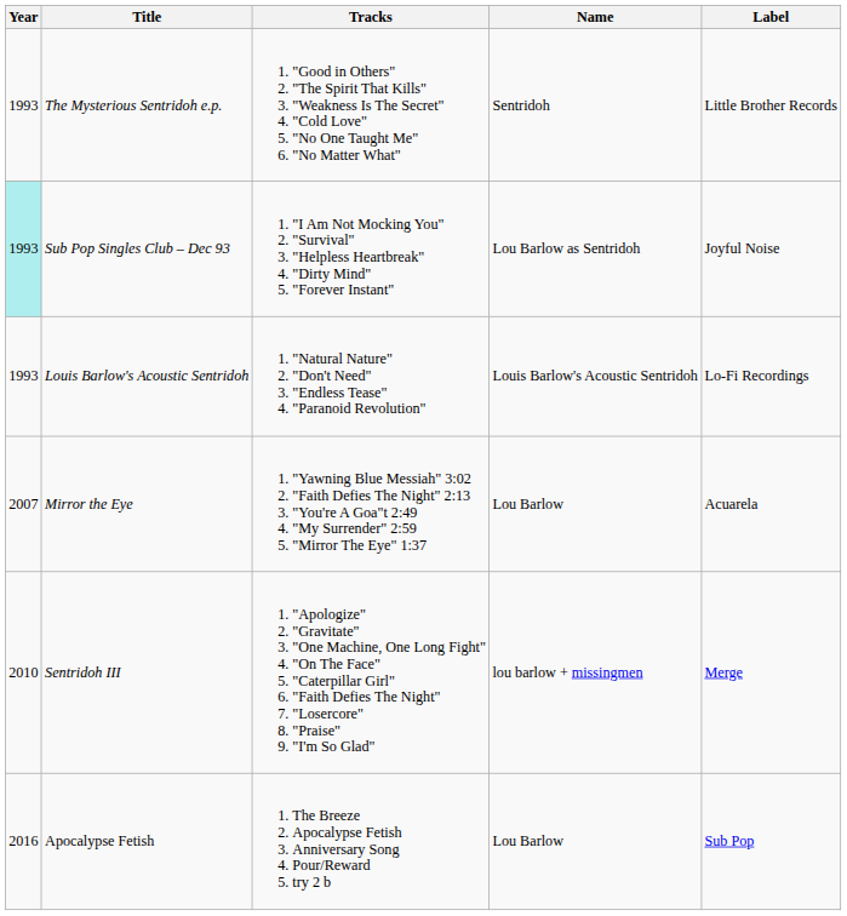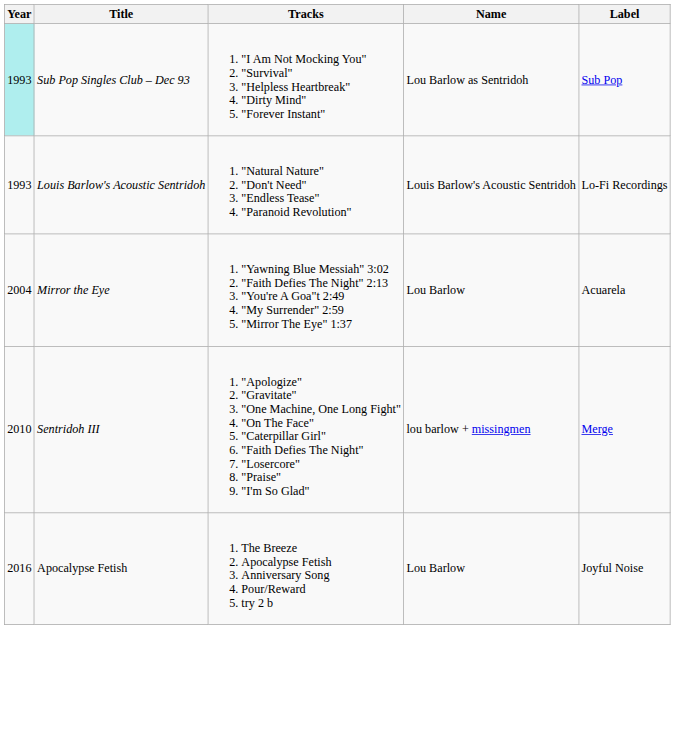 <table class="wikitable">
 <tr>
 <th>Year</th>
 <th>Title</th>
 <th>Tracks</th>
 <th>Name</th>
 <th>Label</th>
 </tr>
 <tr>
-<td>1993</td>
-<td><em>The Mysterious Sentridoh e.p.</em></td>
-<td><br><ol><li>"Good in Others"</li><li>"The Spirit That Kills"</li><li>"Weakness Is The Secret"</li><li>"Cold Love"</li><li>"No One Taught Me"</li><li>"No Matter What"</li></ol></td>
-<td>Sentridoh</td>
-<td>Little Brother Records</td>
-</tr>
-<tr>
 <td style="background: paleturquoise;">1993</td>
 <td><em>Sub Pop Singles Club – Dec 93</em></td>
 <td><br><ol><li>"I Am Not Mocking You"</li><li>"Survival"</li><li>"Helpless Heartbreak"</li><li>"Dirty Mind"</li><li>"Forever Instant"</li></ol></td>
 <td>Lou Barlow as Sentridoh</td>
-<td>Joyful Noise</td>
+<td><a href='#'>Sub Pop</a></td>
 </tr>
 <tr>
 <td>1993</td>
 <td><em>Louis Barlow's Acoustic Sentridoh</em></td>
 <td><br><ol><li>"Natural Nature"</li><li>"Don't Need"</li><li>"Endless Tease"</li><li>"Paranoid Revolution"</li></ol></td>
 <td>Louis Barlow's Acoustic Sentridoh</td>
 <td>Lo-Fi Recordings</td>
 </tr>
 <tr>
-<td>2007</td>
+<td>2004</td>
 <td><em>Mirror the Eye</em></td>
 <td><br><ol><li>"Yawning Blue Messiah"  3:02</li><li>"Faith Defies The Night"  2:13</li><li>"You're A Goa"t 2:49</li><li>"My Surrender"  2:59</li><li>"Mirror The Eye"  1:37</li></ol></td>
 <td>Lou Barlow</td>
 <td>Acuarela</td>
 </tr>
 <tr>
 <td>2010</td>
 <td><em>Sentridoh III</em></td>
 <td><br><ol><li>"Apologize"</li><li>"Gravitate"</li><li>"One Machine, One Long Fight"</li><li>"On The Face"</li><li>"Caterpillar Girl"</li><li>"Faith Defies The Night"</li><li>"Losercore"</li><li>"Praise"</li><li>"I'm So Glad"</li></ol></td>
 <td>lou barlow + <a href='#'>missingmen</a></td>
 <td><a href='#'>Merge</a></td>
 </tr>
 <tr>
 <td>2016</td>
 <td>Apocalypse Fetish</td>
 <td><br><ol><li>The Breeze</li><li>Apocalypse Fetish</li><li>Anniversary Song</li><li>Pour/Reward</li><li>try 2 b</li></ol></td>
 <td>Lou Barlow</td>
-<td><a href='#'>Sub Pop</a></td>
+<td>Joyful Noise</td>
 </tr>
 </table>
